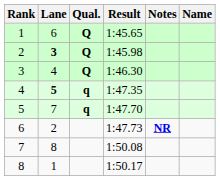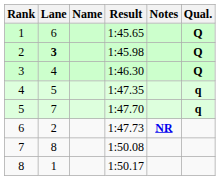 <table class="wikitable sortable" style="text-align:center">
 <tr>
 <th>Rank</th>
 <th>Lane</th>
-<th>Qual.</th>
+<th>Name</th>
 <th>Result</th>
 <th>Notes</th>
-<th>Name</th>
+<th>Qual.</th>
 </tr>
 <tr bgcolor=ccffcc>
 <td>1</td>
 <td>6</td>
-<td><strong>Q</strong></td>
+<td align="left"></td>
 <td>1:45.65</td>
 <td></td>
-<td align="left"></td>
+<td><strong>Q</strong></td>
 </tr>
 <tr bgcolor=ccffcc>
 <td>2</td>
 <td><strong>3</strong></td>
-<td><strong>Q</strong></td>
+<td align="left"></td>
 <td>1:45.98</td>
 <td></td>
-<td align="left"></td>
+<td><strong>Q</strong></td>
 </tr>
 <tr bgcolor=ccffcc>
 <td>3</td>
 <td>4</td>
-<td><strong>Q</strong></td>
+<td align="left"></td>
 <td>1:46.30</td>
 <td></td>
-<td align="left"></td>
+<td><strong>Q</strong></td>
 </tr>
 <tr bgcolor=ddffdd>
 <td>4</td>
-<td><strong>5</strong></td>
-<td><strong>q</strong></td>
+<td>5</td>
+<td align="left"></td>
 <td>1:47.35</td>
 <td></td>
-<td align="left"></td>
+<td><strong>q</strong></td>
 </tr>
 <tr bgcolor=ddffdd>
 <td>5</td>
 <td>7</td>
-<td><strong>q</strong></td>
+<td align="left"></td>
 <td>1:47.70</td>
 <td></td>
-<td align="left"></td>
+<td><strong>q</strong></td>
 </tr>
 <tr>
 <td>6</td>
 <td>2</td>
-<td></td>
+<td align="left"></td>
 <td>1:47.73</td>
 <td><strong><a href='#'>NR</a></strong></td>
-<td align="left"></td>
+<td></td>
 </tr>
 <tr>
 <td>7</td>
 <td>8</td>
-<td></td>
+<td align="left"></td>
 <td>1:50.08</td>
 <td></td>
-<td align="left"></td>
+<td></td>
 </tr>
 <tr>
 <td>8</td>
 <td>1</td>
-<td></td>
+<td align="left"></td>
 <td>1:50.17</td>
 <td></td>
-<td align="left"></td>
+<td></td>
 </tr>
 </table>
